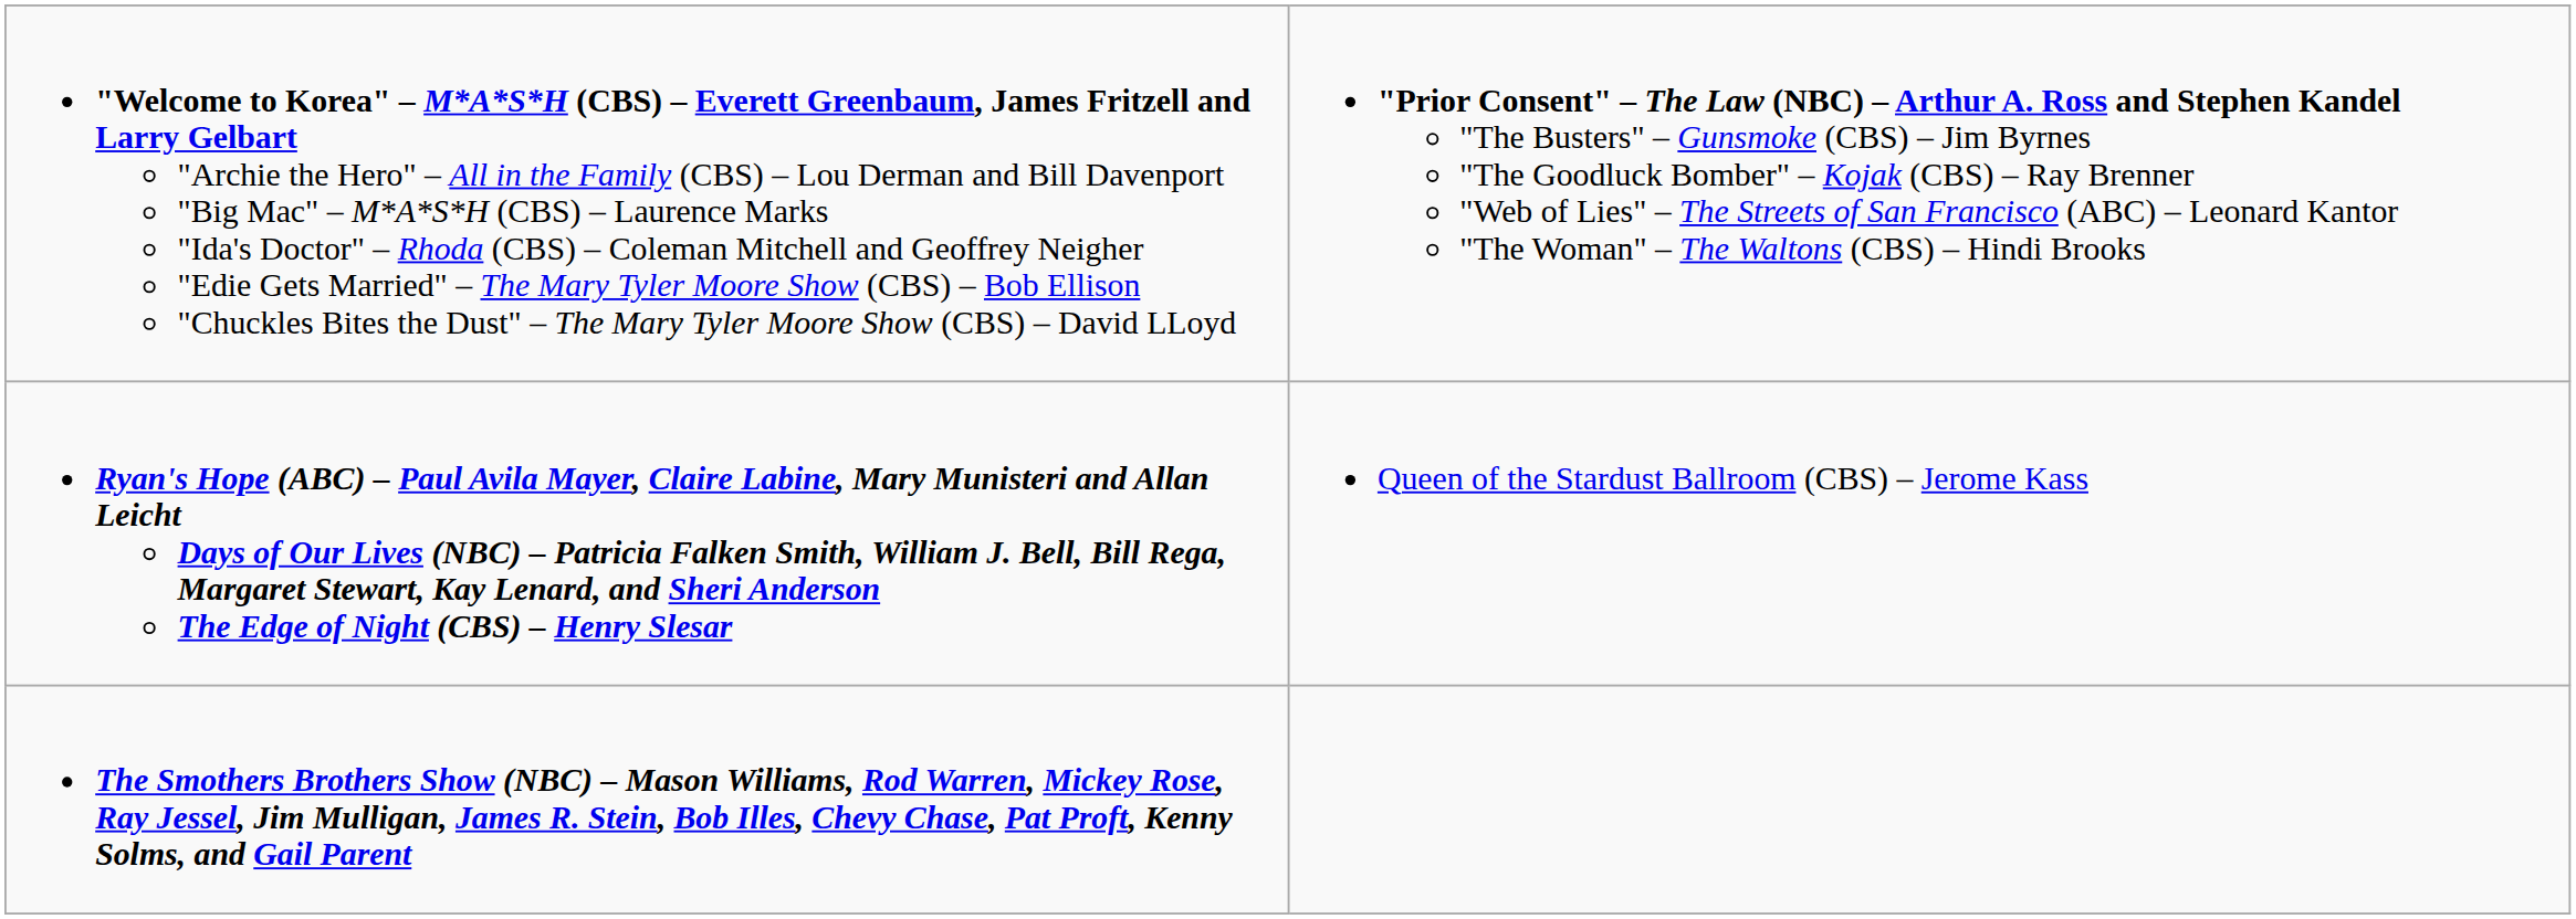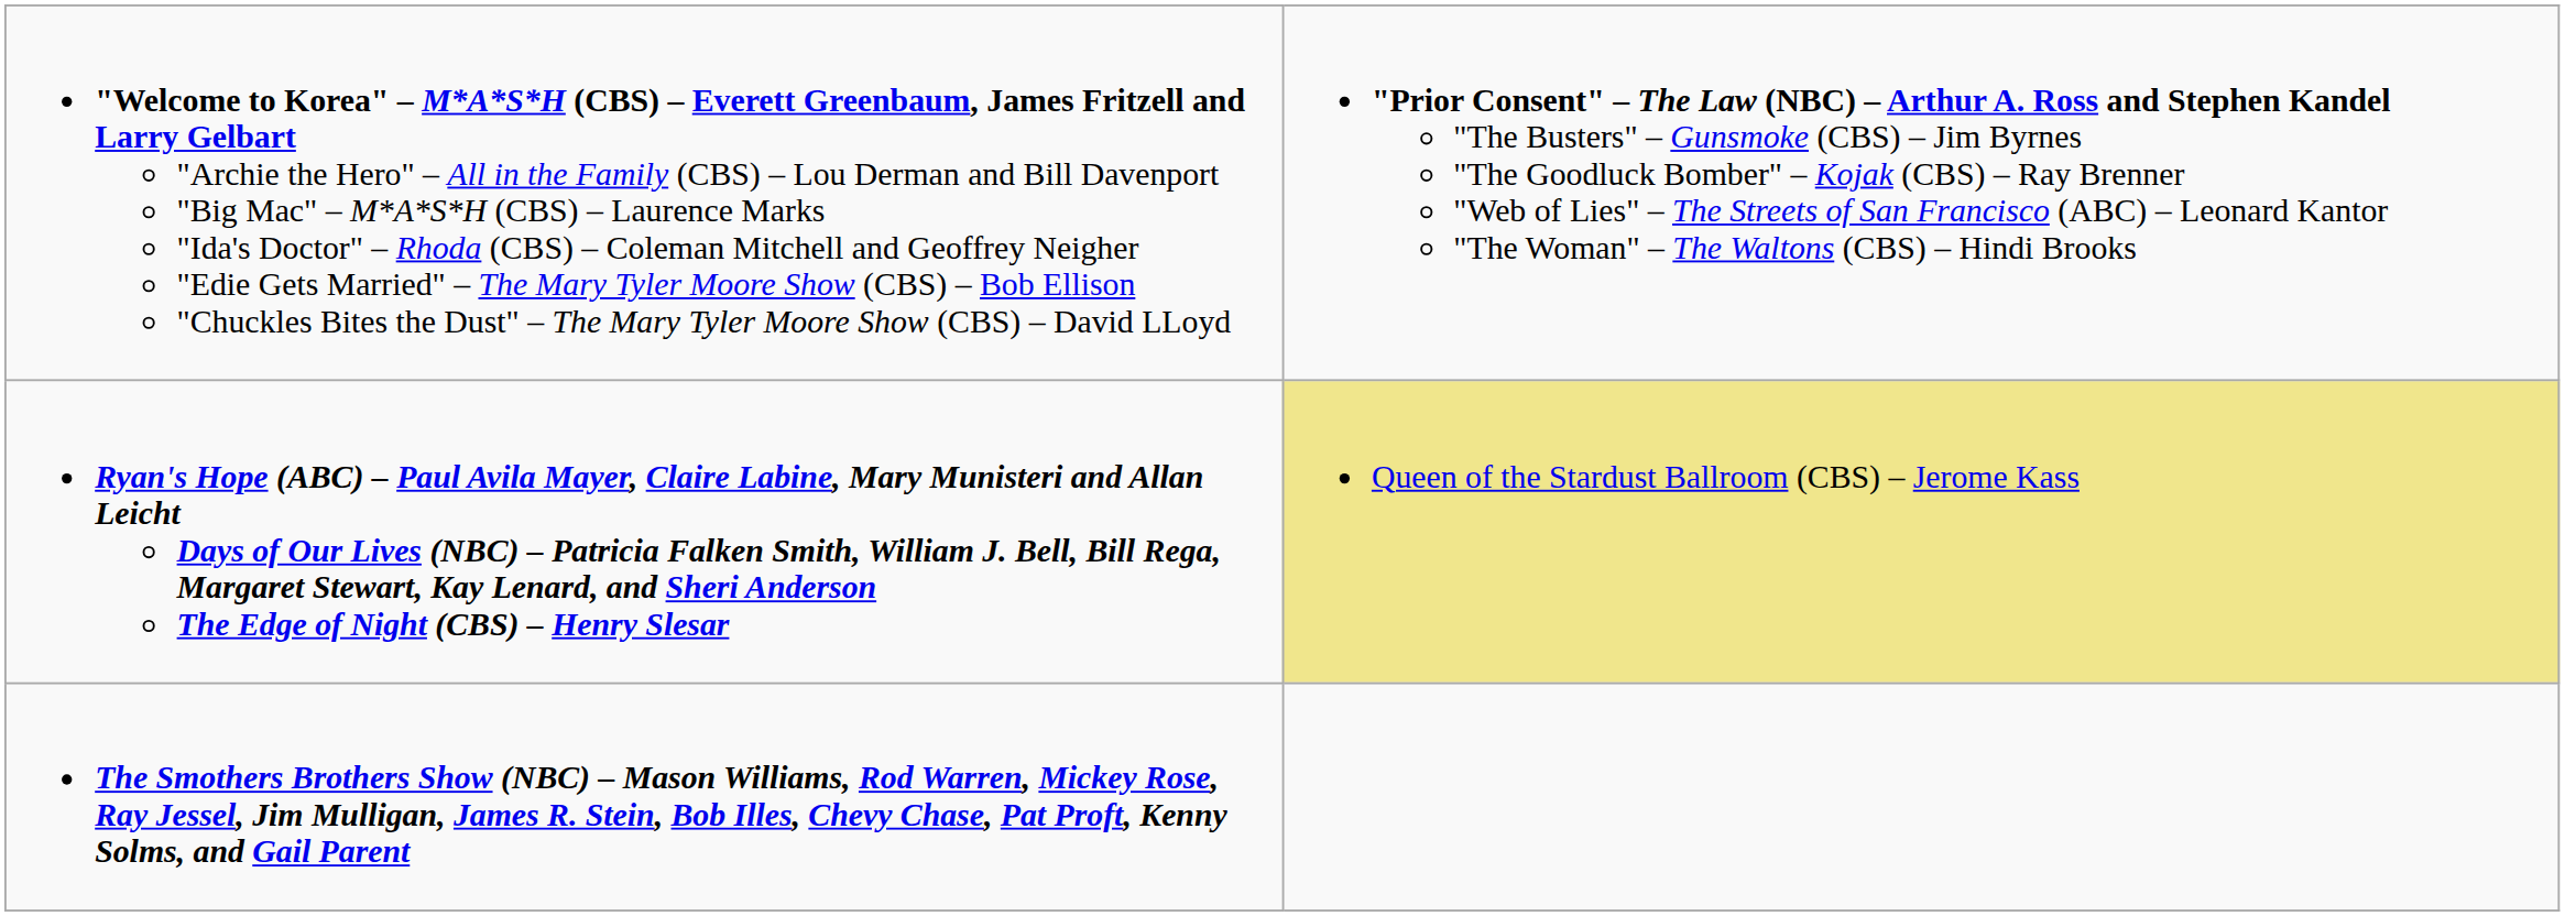 <table class="wikitable">
 <tr>
 <td valign="top" width="50%"><br><ul><li><strong>"Welcome to Korea" – <em><a href='#'>M*A*S*H</a></em> (CBS) – <a href='#'>Everett Greenbaum</a>, James Fritzell and <a href='#'>Larry Gelbart</a></strong><ul><li>"Archie the Hero" – <em><a href='#'>All in the Family</a></em> (CBS) – Lou Derman and Bill Davenport</li><li>"Big Mac" – <em>M*A*S*H</em> (CBS) – Laurence Marks</li><li>"Ida's Doctor" – <em><a href='#'>Rhoda</a></em> (CBS) – Coleman Mitchell and Geoffrey Neigher</li><li>"Edie Gets Married" – <em><a href='#'>The Mary Tyler Moore Show</a></em> (CBS) – <a href='#'>Bob Ellison</a></li><li>"Chuckles Bites the Dust" – <em>The Mary Tyler Moore Show</em> (CBS) – David LLoyd</li></ul></li></ul></td>
 <td valign="top" width="50%"><br><ul><li><strong>"Prior Consent" – <em>The Law</em> (NBC) – <a href='#'>Arthur A. Ross</a> and Stephen Kandel</strong><ul><li>"The Busters" – <em><a href='#'>Gunsmoke</a></em> (CBS) – Jim Byrnes</li><li>"The Goodluck Bomber" – <em><a href='#'>Kojak</a></em> (CBS) – Ray Brenner</li><li>"Web of Lies" – <em><a href='#'>The Streets of San Francisco</a></em> (ABC) – Leonard Kantor</li><li>"The Woman" – <em><a href='#'>The Waltons</a></em> (CBS) – Hindi Brooks</li></ul></li></ul></td>
 </tr>
 <tr>
 <td valign="top" width="50%"><br><ul><li><strong><em><a href='#'>Ryan's Hope</a><em> (ABC) – <a href='#'>Paul Avila Mayer</a>, <a href='#'>Claire Labine</a>, Mary Munisteri and Allan Leicht<strong><ul><li></em><a href='#'>Days of Our Lives</a><em> (NBC) – Patricia Falken Smith, William J. Bell, Bill Rega, Margaret Stewart, Kay Lenard, and <a href='#'>Sheri Anderson</a></li><li></em><a href='#'>The Edge of Night</a><em> (CBS) – <a href='#'>Henry Slesar</a></li></ul></li></ul></td>
-<td valign="top" width="50%"><br><ul><li></em></strong><a href='#'>Queen of the Stardust Ballroom</a></em> (CBS) – <a href='#'>Jerome Kass</a></strong></li></ul></td>
+<td valign="top" width="50%" style="background: khaki;"><br><ul><li></em></strong><a href='#'>Queen of the Stardust Ballroom</a></em> (CBS) – <a href='#'>Jerome Kass</a></strong></li></ul></td>
 </tr>
 <tr>
 <td valign="top" width="50%"><br><ul><li><strong><em><a href='#'>The Smothers Brothers Show</a><em> (NBC) – Mason Williams, <a href='#'>Rod Warren</a>, <a href='#'>Mickey Rose</a>, <a href='#'>Ray Jessel</a>, Jim Mulligan, <a href='#'>James R. Stein</a>, <a href='#'>Bob Illes</a>, <a href='#'>Chevy Chase</a>, <a href='#'>Pat Proft</a>, Kenny Solms, and <a href='#'>Gail Parent</a><strong></li></ul></td>
 </tr>
 </table>
